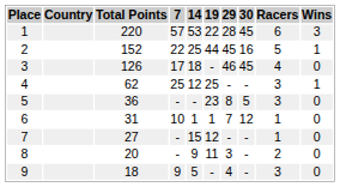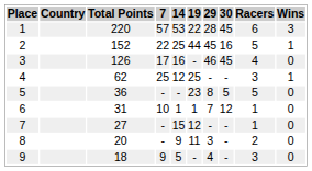 <table border="0" style="border: 1px solid #999; background-color:#FFFFFF; text-align:center">
 <tr align="center" bgcolor="#CCCCCC">
 <th>Place</th>
 <th>Country</th>
 <th>Total Points</th>
 <th>7</th>
 <th>14</th>
 <th>19</th>
 <th>29</th>
 <th>30</th>
 <th>Racers</th>
 <th>Wins</th>
 </tr>
 <tr bgcolor="#EFEFEF">
 <td>1</td>
 <td align="left"></td>
 <td>220</td>
 <td>57</td>
 <td>53</td>
 <td>22</td>
 <td>28</td>
 <td>45</td>
 <td>6</td>
 <td>3</td>
 </tr>
 <tr>
 <td>2</td>
 <td align="left"></td>
 <td>152</td>
 <td>22</td>
 <td>25</td>
 <td>44</td>
 <td>45</td>
 <td>16</td>
 <td>5</td>
 <td>1</td>
 </tr>
 <tr bgcolor="#EFEFEF">
 <td>3</td>
 <td align="left"></td>
 <td>126</td>
 <td>17</td>
-<td>18</td>
+<td>16</td>
 <td>-</td>
 <td>46</td>
 <td>45</td>
 <td>4</td>
 <td>0</td>
 </tr>
 <tr>
 <td>4</td>
 <td align="left"></td>
 <td>62</td>
 <td>25</td>
 <td>12</td>
 <td>25</td>
 <td>-</td>
 <td>-</td>
 <td>3</td>
 <td>1</td>
 </tr>
 <tr bgcolor="#EFEFEF">
 <td>5</td>
 <td align="left"></td>
 <td>36</td>
 <td>-</td>
 <td>-</td>
 <td>23</td>
 <td>8</td>
 <td>5</td>
-<td>3</td>
+<td>5</td>
 <td>0</td>
 </tr>
 <tr>
 <td>6</td>
 <td align="left"></td>
 <td>31</td>
 <td>10</td>
 <td>1</td>
 <td>1</td>
 <td>7</td>
 <td>12</td>
 <td>1</td>
 <td>0</td>
 </tr>
 <tr bgcolor="#EFEFEF">
 <td>7</td>
 <td align="left"></td>
 <td>27</td>
 <td>-</td>
 <td>15</td>
 <td>12</td>
 <td>-</td>
 <td>-</td>
 <td>1</td>
 <td>0</td>
 </tr>
 <tr>
 <td>8</td>
 <td align="left"></td>
 <td>20</td>
 <td>-</td>
 <td>9</td>
 <td>11</td>
 <td>3</td>
 <td>-</td>
 <td>2</td>
 <td>0</td>
 </tr>
 <tr bgcolor="#EFEFEF">
 <td>9</td>
 <td align="left"></td>
 <td>18</td>
 <td>9</td>
 <td>5</td>
 <td>-</td>
 <td>4</td>
 <td>-</td>
 <td>3</td>
 <td>0</td>
 </tr>
 </table>
